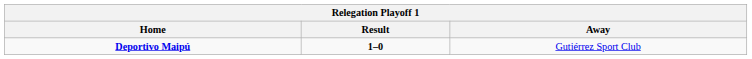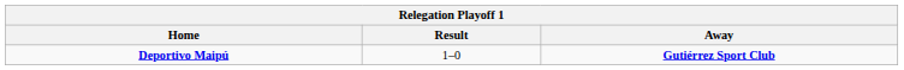 <table align=center class="wikitable collapsed" style="font-size:95%; text-align: center; width: 70%;">
 <tr>
 <th colspan=100% style="with: 100%;" align=center>Relegation Playoff 1</th>
 </tr>
 <tr>
 <th width=30%>Home</th>
 <th width=15%>Result</th>
 <th width=30%>Away</th>
 </tr>
 <tr align=center>
 <td><strong><a href='#'>Deportivo Maipú</a></strong></td>
-<td><strong>1–0</strong></td>
-<td><a href='#'>Gutiérrez Sport Club</a></td>
+<td>1–0</td>
+<td><strong><a href='#'>Gutiérrez Sport Club</a></strong></td>
 </tr>
 </table>
